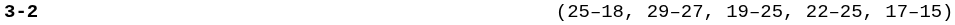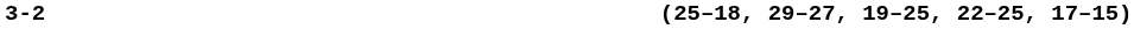 <table width=100% cellspacing=1>
 <tr>
 <th width=20%></th>
 <th width=12%></th>
 <th width=20%></th>
 <th width=33%></th>
 <td></td>
 </tr>
 <tr style=font-size:90%>
 <td align=right></td>
 <td align=center><strong>3-2</strong></td>
 <td></td>
-<td>(25–18, 29–27, 19–25, 22–25, 17–15)</td>
+<td><strong>(25–18, 29–27, 19–25, 22–25, 17–15)</strong></td>
 </tr>
 </table>
